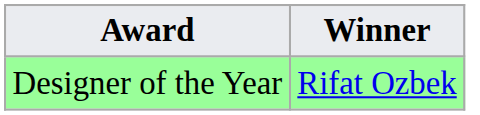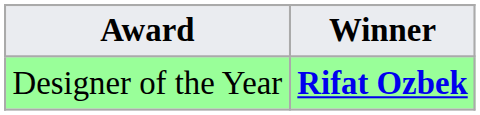 <table class="wikitable">
 <tr>
 <th style="background:#EAECF0">Award</th>
 <th style="background:#EAECF0">Winner</th>
 </tr>
 <tr>
 <td style="background:#99ff99">Designer of the Year</td>
-<td style="background:#99ff99"><a href='#'>Rifat Ozbek</a></td>
+<td style="background:#99ff99"><strong><a href='#'>Rifat Ozbek</a></strong></td>
 </tr>
 </table>
